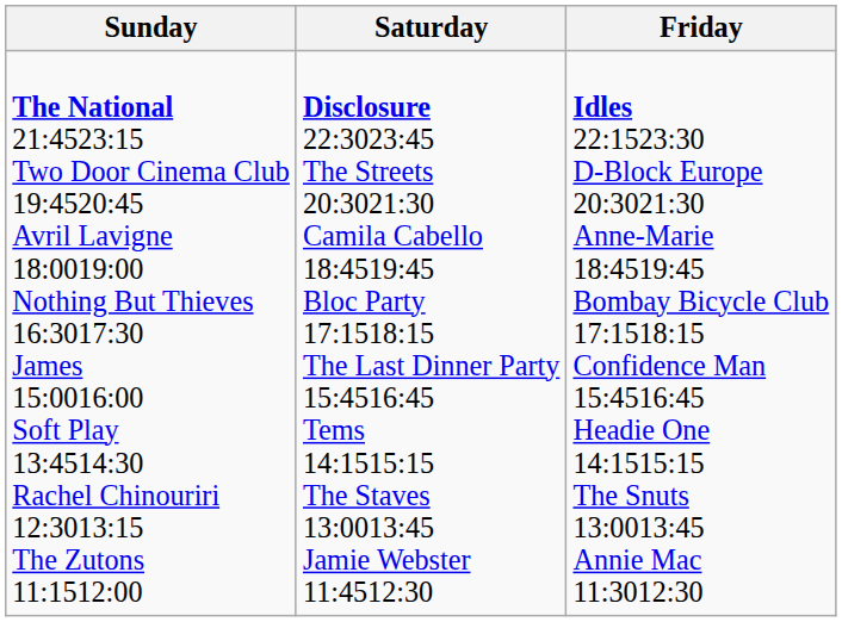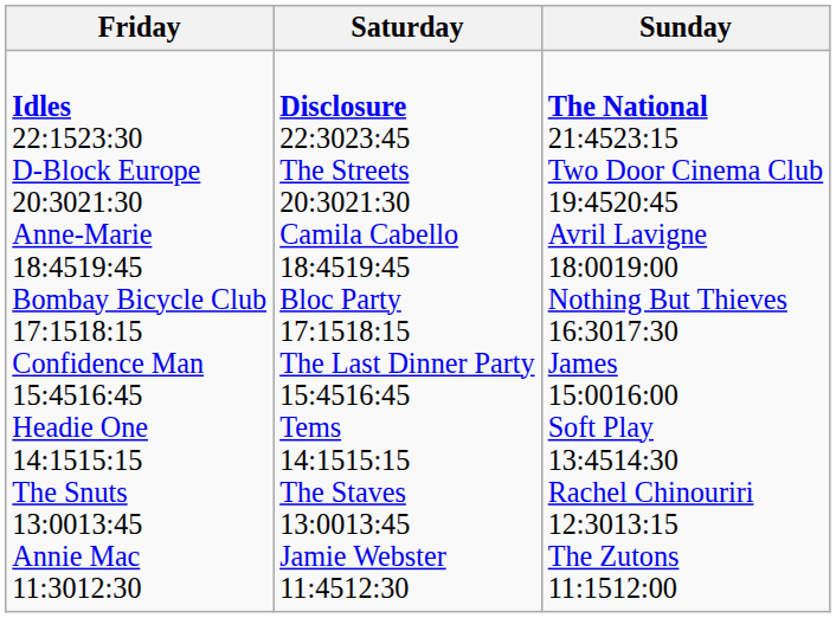 <table class="wikitable">
 <tr>
+<th>Friday</th>
+<th>Saturday</th>
 <th>Sunday</th>
-<th>Saturday</th>
-<th>Friday</th>
 </tr>
 <tr valign="top">
+<td><br><strong><a href='#'>Idles</a></strong><br>22:1523:30<br> <a href='#'>D-Block Europe</a><br>20:3021:30<br> <a href='#'>Anne-Marie</a><br>18:4519:45<br> <a href='#'>Bombay Bicycle Club</a><br>17:1518:15<br> <a href='#'>Confidence Man</a><br>15:4516:45<br> <a href='#'>Headie One</a><br>14:1515:15<br> <a href='#'>The Snuts</a><br>13:0013:45<br> <a href='#'>Annie Mac</a><br>11:3012:30</td>
+<td><br><strong><a href='#'>Disclosure</a></strong><br>22:3023:45<br> <a href='#'>The Streets</a><br>20:3021:30<br> <a href='#'>Camila Cabello</a><br>18:4519:45<br> <a href='#'>Bloc Party</a><br>17:1518:15<br> <a href='#'>The Last Dinner Party</a><br>15:4516:45<br> <a href='#'>Tems</a><br>14:1515:15<br> <a href='#'>The Staves</a><br>13:0013:45<br> <a href='#'>Jamie Webster</a><br>11:4512:30</td>
 <td><br><strong><a href='#'>The National</a></strong><br>21:4523:15<br> <a href='#'>Two Door Cinema Club</a><br>19:4520:45<br> <a href='#'>Avril Lavigne</a><br>18:0019:00<br> <a href='#'>Nothing But Thieves</a><br>16:3017:30<br> <a href='#'>James</a><br>15:0016:00<br> <a href='#'>Soft Play</a><br>13:4514:30<br> <a href='#'>Rachel Chinouriri</a><br>12:3013:15<br> <a href='#'>The Zutons</a><br>11:1512:00</td>
-<td><br><strong><a href='#'>Disclosure</a></strong><br>22:3023:45<br> <a href='#'>The Streets</a><br>20:3021:30<br> <a href='#'>Camila Cabello</a><br>18:4519:45<br> <a href='#'>Bloc Party</a><br>17:1518:15<br> <a href='#'>The Last Dinner Party</a><br>15:4516:45<br> <a href='#'>Tems</a><br>14:1515:15<br> <a href='#'>The Staves</a><br>13:0013:45<br> <a href='#'>Jamie Webster</a><br>11:4512:30</td>
-<td><br><strong><a href='#'>Idles</a></strong><br>22:1523:30<br> <a href='#'>D-Block Europe</a><br>20:3021:30<br> <a href='#'>Anne-Marie</a><br>18:4519:45<br> <a href='#'>Bombay Bicycle Club</a><br>17:1518:15<br> <a href='#'>Confidence Man</a><br>15:4516:45<br> <a href='#'>Headie One</a><br>14:1515:15<br> <a href='#'>The Snuts</a><br>13:0013:45<br> <a href='#'>Annie Mac</a><br>11:3012:30</td>
 </tr>
 </table>
